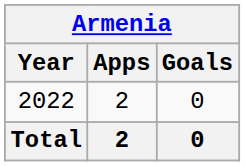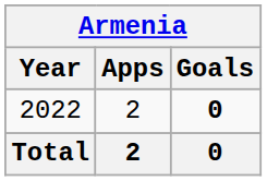 <table class="wikitable" style="text-align:center">
 <tr>
 <th colspan=3><a href='#'>Armenia</a></th>
 </tr>
 <tr>
 <th>Year</th>
 <th>Apps</th>
 <th>Goals</th>
 </tr>
 <tr>
 <td>2022</td>
 <td>2</td>
-<td>0</td>
+<td><strong>0</strong></td>
 </tr>
 <tr>
 <th>Total</th>
 <th>2</th>
 <th>0</th>
 </tr>
 </table>
